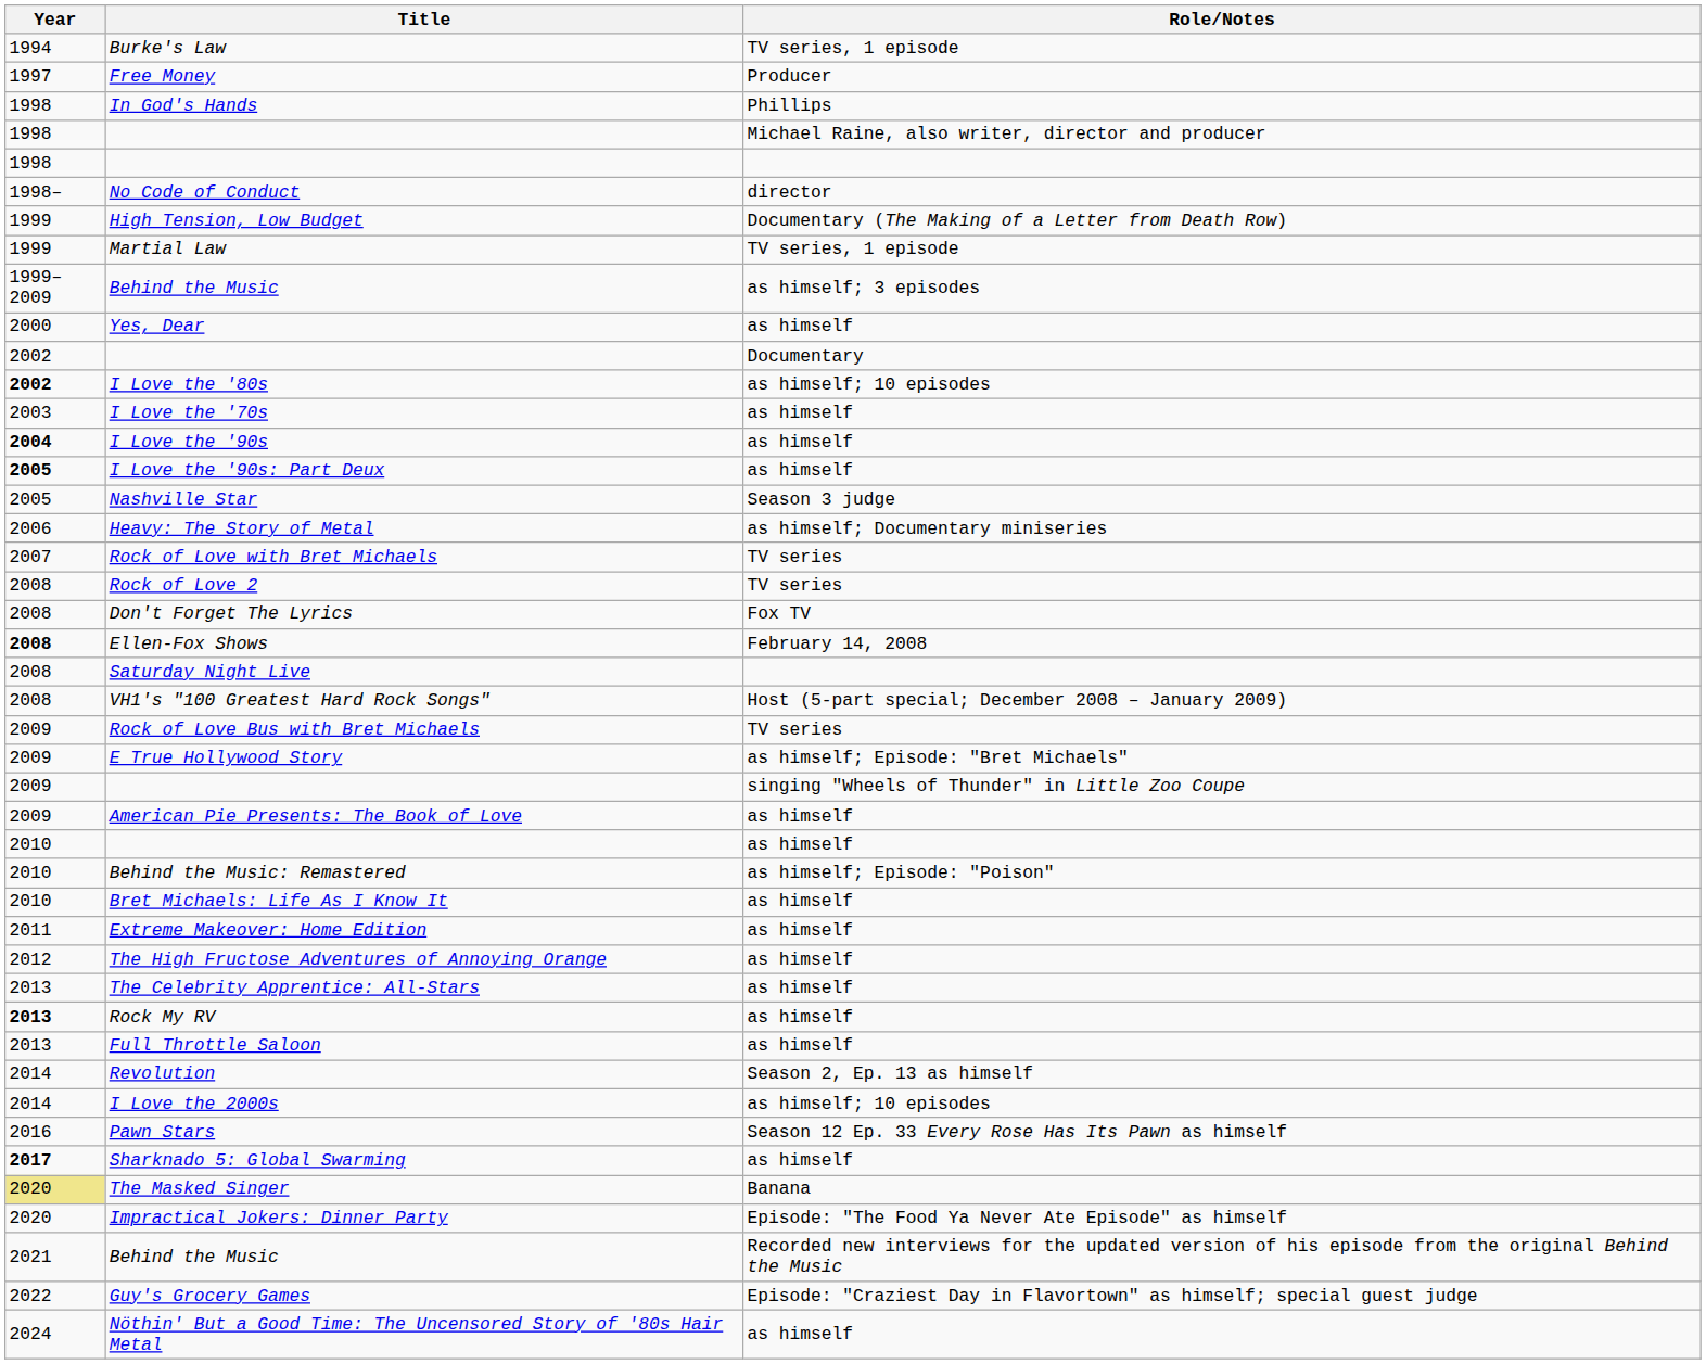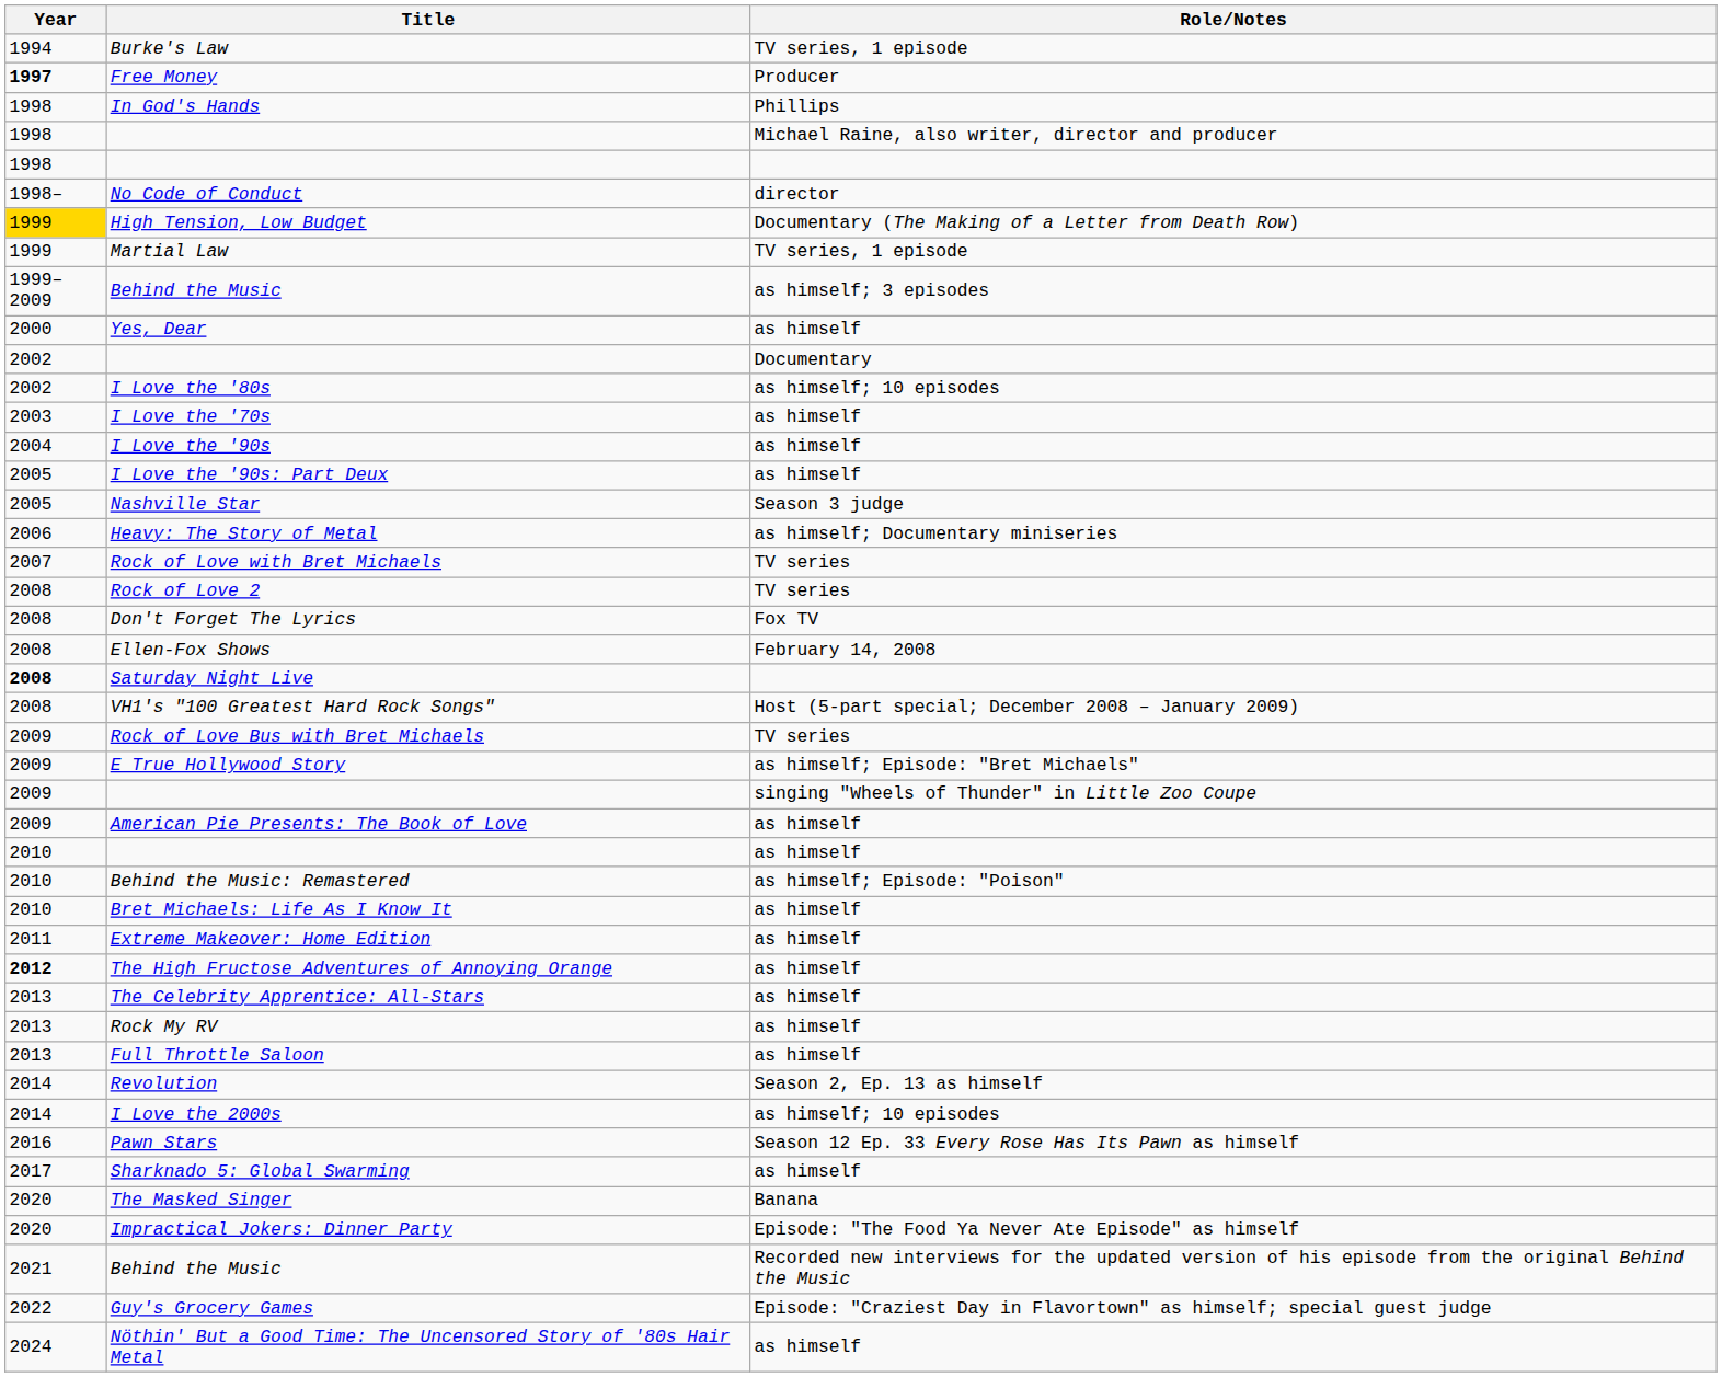 <table class="wikitable sortable">
 <tr>
 <th>Year</th>
 <th>Title</th>
 <th>Role/Notes</th>
 </tr>
 <tr>
 <td>1994</td>
 <td><em>Burke's Law</em></td>
 <td>TV series, 1 episode</td>
 </tr>
 <tr>
-<td>1997</td>
+<td><strong>1997</strong></td>
 <td><em><a href='#'>Free Money</a></em></td>
 <td>Producer</td>
 </tr>
 <tr>
 <td>1998</td>
 <td><em><a href='#'>In God's Hands</a></em></td>
 <td>Phillips</td>
 </tr>
 <tr>
 <td>1998</td>
 <td><em></em></td>
 <td>Michael Raine, also writer, director and producer</td>
 </tr>
 <tr>
 <td>1998</td>
 <td><em></em></td>
 <td></td>
 </tr>
 <tr>
 <td>1998–</td>
 <td><em><a href='#'>No Code of Conduct</a></em></td>
 <td>director</td>
 </tr>
 <tr>
-<td>1999</td>
+<td style="background: gold;">1999</td>
 <td><em><a href='#'>High Tension, Low Budget</a></em></td>
 <td>Documentary (<em>The Making of a Letter from Death Row</em>)</td>
 </tr>
 <tr>
 <td>1999</td>
 <td><em>Martial Law</em></td>
 <td>TV series, 1 episode</td>
 </tr>
 <tr>
 <td>1999–2009</td>
 <td><em><a href='#'>Behind the Music</a></em></td>
 <td>as himself; 3 episodes</td>
 </tr>
 <tr>
 <td>2000</td>
 <td><em><a href='#'>Yes, Dear</a></em></td>
 <td>as himself</td>
 </tr>
 <tr>
 <td>2002</td>
 <td><em></em></td>
 <td>Documentary</td>
 </tr>
 <tr>
-<td><strong>2002</strong></td>
+<td>2002</td>
 <td><em><a href='#'>I Love the '80s</a></em></td>
 <td>as himself; 10 episodes</td>
 </tr>
 <tr>
 <td>2003</td>
 <td><em><a href='#'>I Love the '70s</a></em></td>
 <td>as himself</td>
 </tr>
 <tr>
-<td><strong>2004</strong></td>
+<td>2004</td>
 <td><em><a href='#'>I Love the '90s</a></em></td>
 <td>as himself</td>
 </tr>
 <tr>
-<td><strong>2005</strong></td>
+<td>2005</td>
 <td><em><a href='#'>I Love the '90s: Part Deux</a></em></td>
 <td>as himself</td>
 </tr>
 <tr>
 <td>2005</td>
 <td><em><a href='#'>Nashville Star</a></em></td>
 <td>Season 3 judge</td>
 </tr>
 <tr>
 <td>2006</td>
 <td><em><a href='#'>Heavy: The Story of Metal</a></em></td>
 <td>as himself; Documentary miniseries</td>
 </tr>
 <tr>
 <td>2007</td>
 <td><em><a href='#'>Rock of Love with Bret Michaels</a></em></td>
 <td>TV series</td>
 </tr>
 <tr>
 <td>2008</td>
 <td><em><a href='#'>Rock of Love 2</a></em></td>
 <td>TV series</td>
 </tr>
 <tr>
 <td>2008</td>
 <td><em>Don't Forget The Lyrics</em></td>
 <td>Fox TV</td>
 </tr>
 <tr>
-<td><strong>2008</strong></td>
+<td>2008</td>
 <td><em>Ellen-Fox Shows</em></td>
 <td>February 14, 2008</td>
 </tr>
 <tr>
-<td>2008</td>
+<td><strong>2008</strong></td>
 <td><em><a href='#'>Saturday Night Live</a></em></td>
 <td></td>
 </tr>
 <tr>
 <td>2008</td>
 <td><em>VH1's "100 Greatest Hard Rock Songs"</em></td>
 <td>Host (5-part special; December 2008 – January 2009)</td>
 </tr>
 <tr>
 <td>2009</td>
 <td><em><a href='#'>Rock of Love Bus with Bret Michaels</a></em></td>
 <td>TV series</td>
 </tr>
 <tr>
 <td>2009</td>
 <td><em><a href='#'>E True Hollywood Story</a></em></td>
 <td>as himself; Episode: "Bret Michaels"</td>
 </tr>
 <tr>
 <td>2009</td>
 <td><em></em></td>
 <td>singing "Wheels of Thunder" in <em>Little Zoo Coupe</em></td>
 </tr>
 <tr>
 <td>2009</td>
 <td><em><a href='#'>American Pie Presents: The Book of Love</a></em></td>
 <td>as himself</td>
 </tr>
 <tr>
 <td>2010</td>
 <td><em></em></td>
 <td>as himself</td>
 </tr>
 <tr>
 <td>2010</td>
 <td><em>Behind the Music: Remastered</em></td>
 <td>as himself; Episode: "Poison"</td>
 </tr>
 <tr>
 <td>2010</td>
 <td><em><a href='#'>Bret Michaels: Life As I Know It</a></em></td>
 <td>as himself</td>
 </tr>
 <tr>
 <td>2011</td>
 <td><em><a href='#'>Extreme Makeover: Home Edition</a></em></td>
 <td>as himself</td>
 </tr>
 <tr>
-<td>2012</td>
+<td><strong>2012</strong></td>
 <td><em><a href='#'>The High Fructose Adventures of Annoying Orange</a></em></td>
 <td>as himself</td>
 </tr>
 <tr>
 <td>2013</td>
 <td><em><a href='#'>The Celebrity Apprentice: All-Stars</a></em></td>
 <td>as himself</td>
 </tr>
 <tr>
-<td><strong>2013</strong></td>
+<td>2013</td>
 <td><em>Rock My RV</em></td>
 <td>as himself</td>
 </tr>
 <tr>
 <td>2013</td>
 <td><em><a href='#'>Full Throttle Saloon</a></em></td>
 <td>as himself</td>
 </tr>
 <tr>
 <td>2014</td>
 <td><em><a href='#'>Revolution</a></em></td>
 <td>Season 2, Ep. 13 as himself</td>
 </tr>
 <tr>
 <td>2014</td>
 <td><em><a href='#'>I Love the 2000s</a></em></td>
 <td>as himself; 10 episodes</td>
 </tr>
 <tr>
 <td>2016</td>
 <td><em><a href='#'>Pawn Stars</a></em></td>
 <td>Season 12 Ep. 33 <em>Every Rose Has Its Pawn</em> as himself</td>
 </tr>
 <tr>
-<td><strong>2017</strong></td>
+<td>2017</td>
 <td><em><a href='#'>Sharknado 5: Global Swarming</a></em></td>
 <td>as himself</td>
 </tr>
 <tr>
-<td style="background: khaki;">2020</td>
+<td>2020</td>
 <td><em><a href='#'>The Masked Singer</a></em></td>
 <td>Banana</td>
 </tr>
 <tr>
 <td>2020</td>
 <td><em><a href='#'>Impractical Jokers: Dinner Party</a></em></td>
 <td>Episode: "The Food Ya Never Ate Episode" as himself</td>
 </tr>
 <tr>
 <td>2021</td>
 <td><em>Behind the Music</em></td>
 <td>Recorded new interviews for the updated version of his episode from the original <em>Behind the Music</em></td>
 </tr>
 <tr>
 <td>2022</td>
 <td><em><a href='#'>Guy's Grocery Games</a></em></td>
 <td>Episode: "Craziest Day in Flavortown" as himself; special guest judge</td>
 </tr>
 <tr>
 <td>2024</td>
 <td><em><a href='#'>Nöthin' But a Good Time: The Uncensored Story of '80s Hair Metal</a></em></td>
 <td>as himself</td>
 </tr>
 </table>
